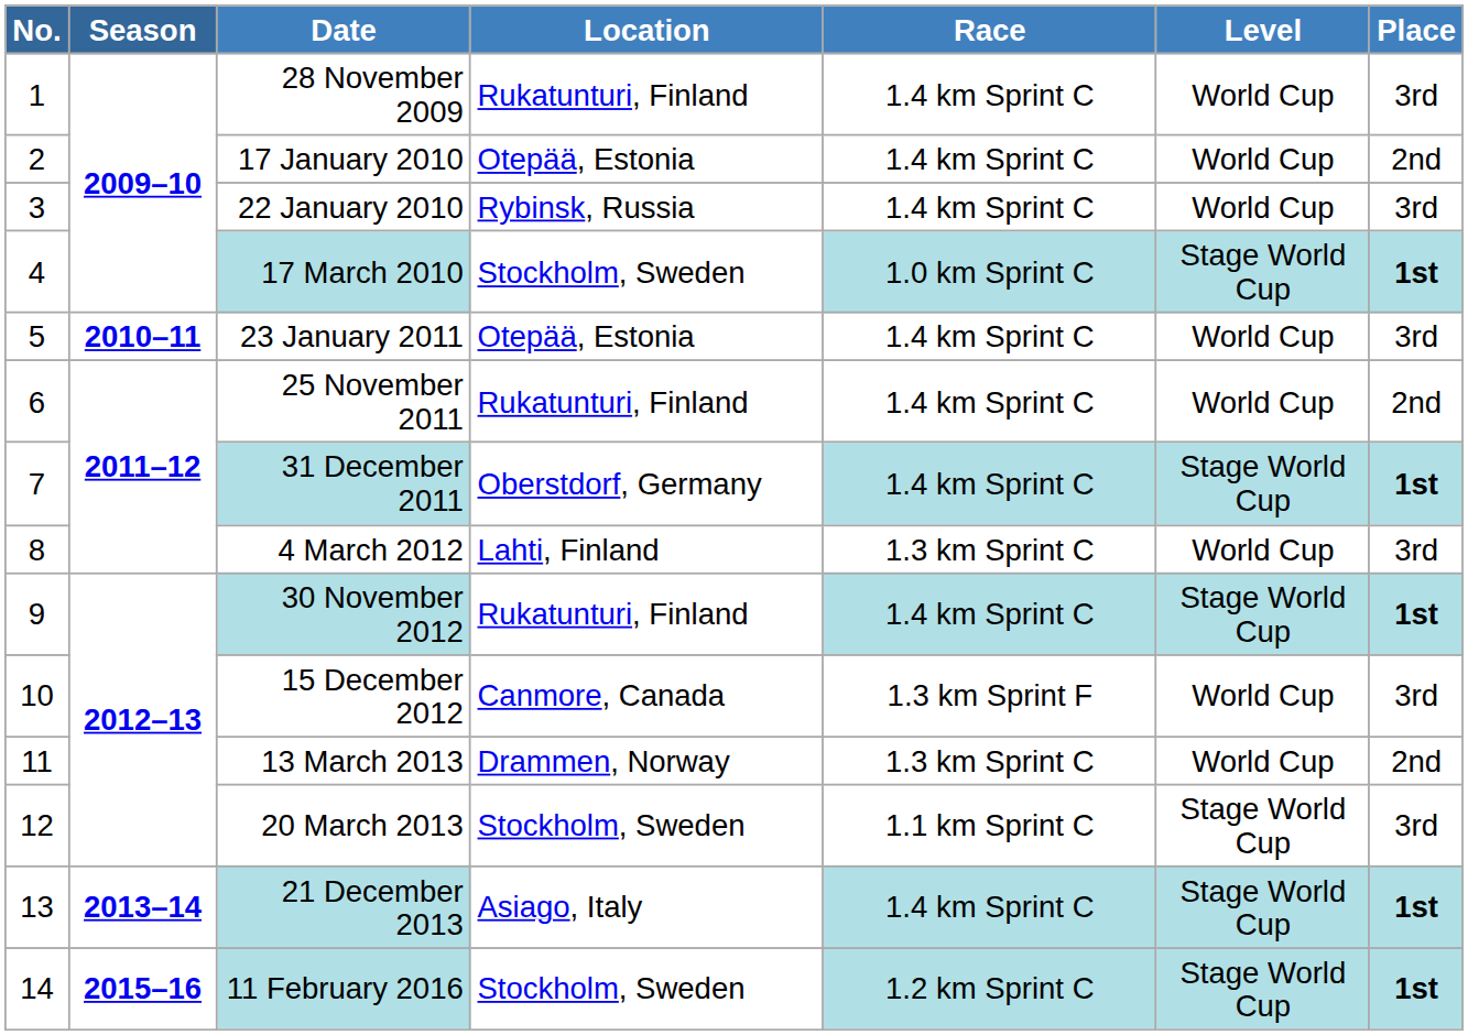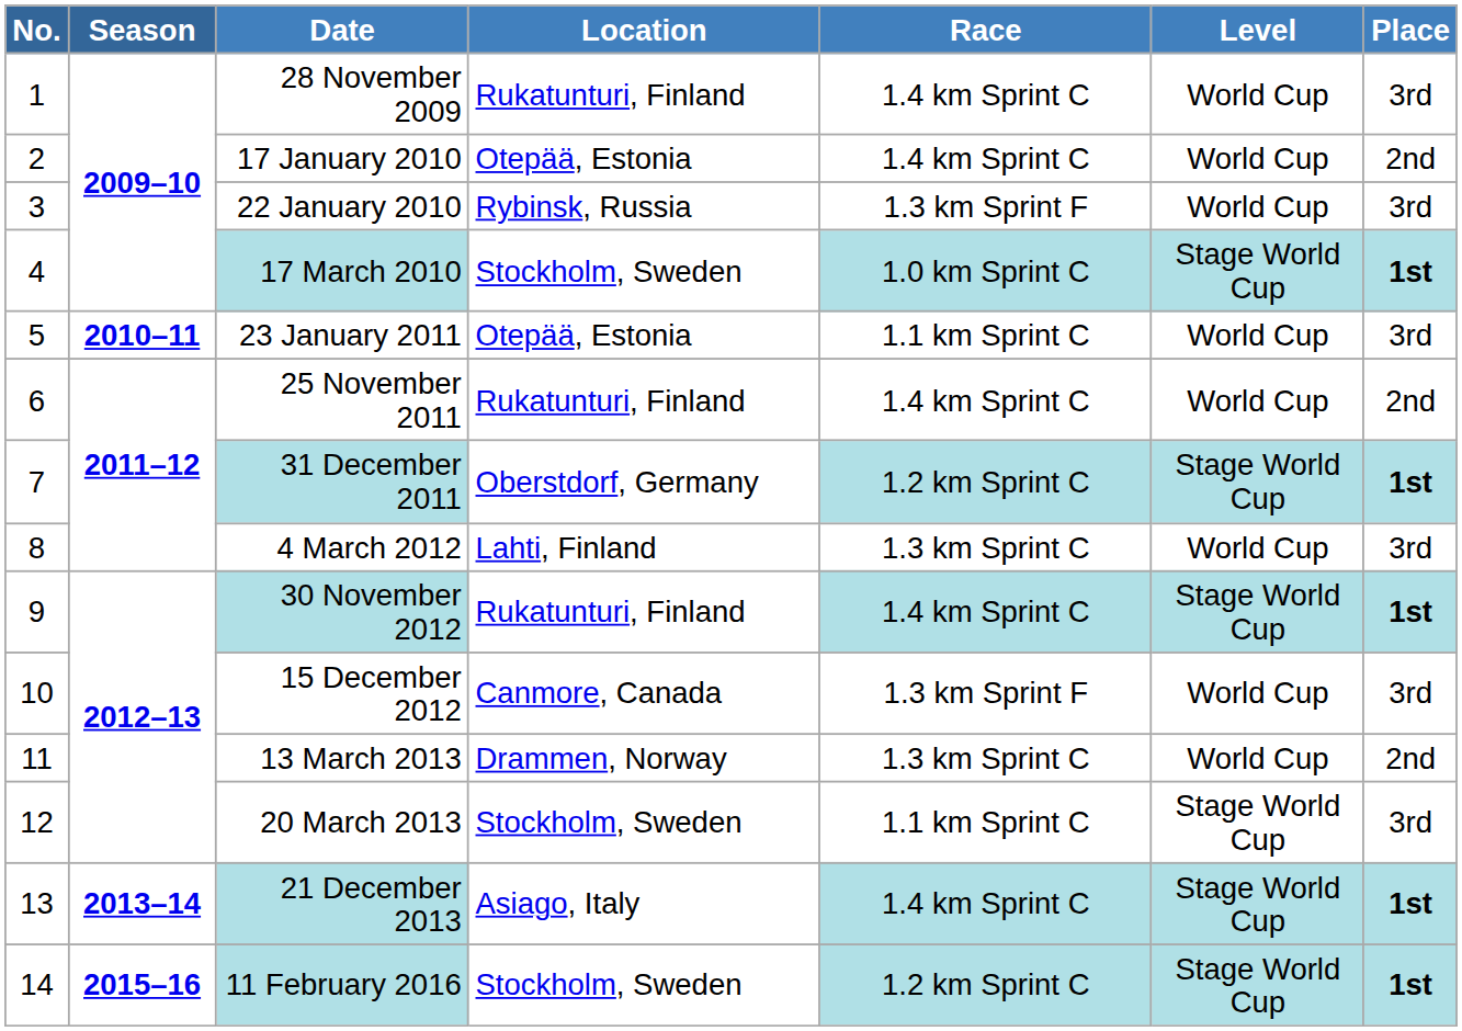 <table class="wikitable sortable" style="font-size:95%; text-align:center; border:grey solid 1px; border-collapse:collapse; background:#ffffff;">
 <tr style="background:#efefef;">
 <th style="background-color:#369; color:white;">No.</th>
 <th style="background-color:#369; color:white;">Season</th>
 <th style="background-color:#4180be; color:white; width:120px;">Date</th>
 <th style="background-color:#4180be; color:white; width:170px;">Location</th>
 <th style="background-color:#4180be; color:white; width:160px;">Race</th>
 <th style="background-color:#4180be; color:white; width:100px;">Level</th>
 <th style="background-color:#4180be; color:white;">Place</th>
 </tr>
 <tr>
 <td align=center>1</td>
 <td rowspan=4 align=center><strong> <a href='#'>2009–10</a> </strong></td>
 <td align=right>28 November 2009</td>
 <td align=left> <a href='#'>Rukatunturi</a>, Finland</td>
 <td>1.4 km Sprint C</td>
 <td>World Cup</td>
 <td>3rd</td>
 </tr>
 <tr>
 <td align=center>2</td>
 <td align=right>17 January 2010</td>
 <td align=left> <a href='#'>Otepää</a>, Estonia</td>
 <td>1.4 km Sprint C</td>
 <td>World Cup</td>
 <td>2nd</td>
 </tr>
 <tr>
 <td align=center>3</td>
 <td align=right>22 January 2010</td>
 <td align=left> <a href='#'>Rybinsk</a>, Russia</td>
-<td>1.4 km Sprint C</td>
+<td>1.3 km Sprint F</td>
 <td>World Cup</td>
 <td>3rd</td>
 </tr>
 <tr>
 <td align=center>4</td>
 <td bgcolor="#BOEOE6" align=right>17 March 2010</td>
 <td align=left> <a href='#'>Stockholm</a>, Sweden</td>
 <td bgcolor="#BOEOE6">1.0 km Sprint C</td>
 <td bgcolor="#BOEOE6">Stage World Cup</td>
 <td bgcolor="#BOEOE6"><strong>1st</strong></td>
 </tr>
 <tr>
 <td align=center>5</td>
 <td rowspan=1 align=center><strong> <a href='#'>2010–11</a> </strong></td>
 <td align=right>23 January 2011</td>
 <td align=left> <a href='#'>Otepää</a>, Estonia</td>
-<td>1.4 km Sprint C</td>
+<td>1.1 km Sprint C</td>
 <td>World Cup</td>
 <td>3rd</td>
 </tr>
 <tr>
 <td align=center>6</td>
 <td rowspan=3 align=center><strong> <a href='#'>2011–12</a> </strong></td>
 <td align=right>25 November 2011</td>
 <td align=left> <a href='#'>Rukatunturi</a>, Finland</td>
 <td>1.4 km Sprint C</td>
 <td>World Cup</td>
 <td>2nd</td>
 </tr>
 <tr>
 <td align=center>7</td>
 <td bgcolor="#BOEOE6" align=right>31 December 2011</td>
 <td align=left> <a href='#'>Oberstdorf</a>, Germany</td>
-<td bgcolor="#BOEOE6">1.4 km Sprint C</td>
+<td bgcolor="#BOEOE6">1.2 km Sprint C</td>
 <td bgcolor="#BOEOE6">Stage World Cup</td>
 <td bgcolor="#BOEOE6"><strong>1st</strong></td>
 </tr>
 <tr>
 <td align=center>8</td>
 <td align=right>4 March 2012</td>
 <td align=left> <a href='#'>Lahti</a>, Finland</td>
 <td>1.3 km Sprint C</td>
 <td>World Cup</td>
 <td>3rd</td>
 </tr>
 <tr>
 <td align=center>9</td>
 <td rowspan=4 align=center><strong><a href='#'>2012–13</a></strong></td>
 <td bgcolor="#BOEOE6" align=right>30 November 2012</td>
 <td align=left> <a href='#'>Rukatunturi</a>, Finland</td>
 <td bgcolor="#BOEOE6">1.4 km Sprint C</td>
 <td bgcolor="#BOEOE6">Stage World Cup</td>
 <td bgcolor="#BOEOE6"><strong>1st</strong></td>
 </tr>
 <tr>
 <td align=center>10</td>
 <td align=right>15 December 2012</td>
 <td align=left> <a href='#'>Canmore</a>, Canada</td>
 <td>1.3 km Sprint F</td>
 <td>World Cup</td>
 <td>3rd</td>
 </tr>
 <tr>
 <td align=center>11</td>
 <td align=right>13 March 2013</td>
 <td align=left> <a href='#'>Drammen</a>, Norway</td>
 <td>1.3 km Sprint C</td>
 <td>World Cup</td>
 <td>2nd</td>
 </tr>
 <tr>
 <td align=center>12</td>
 <td align=right>20 March 2013</td>
 <td align=left> <a href='#'>Stockholm</a>, Sweden</td>
 <td>1.1 km Sprint C</td>
 <td>Stage World Cup</td>
 <td>3rd</td>
 </tr>
 <tr>
 <td align=center>13</td>
 <td rowspan=1 align=center><strong><a href='#'>2013–14</a></strong></td>
 <td bgcolor="#BOEOE6" align=right>21 December 2013</td>
 <td align=left> <a href='#'>Asiago</a>, Italy</td>
 <td bgcolor="#BOEOE6">1.4 km Sprint C</td>
 <td bgcolor="#BOEOE6">Stage World Cup</td>
 <td bgcolor="#BOEOE6"><strong>1st</strong></td>
 </tr>
 <tr>
 <td align=center>14</td>
 <td rowspan=1 align=center><strong><a href='#'>2015–16</a></strong></td>
 <td bgcolor="#BOEOE6" align=right>11 February 2016</td>
 <td align=left> <a href='#'>Stockholm</a>, Sweden</td>
 <td bgcolor="#BOEOE6">1.2 km Sprint C</td>
 <td bgcolor="#BOEOE6">Stage World Cup</td>
 <td bgcolor="#BOEOE6"><strong>1st</strong></td>
 </tr>
 </table>
